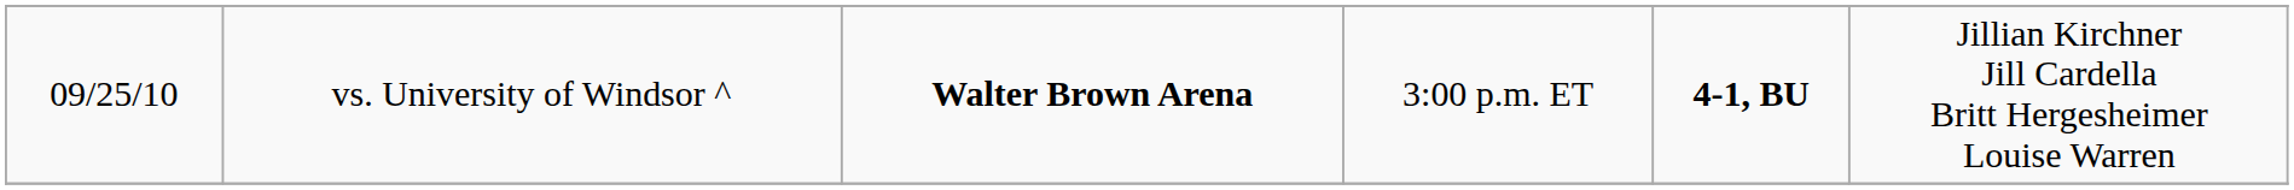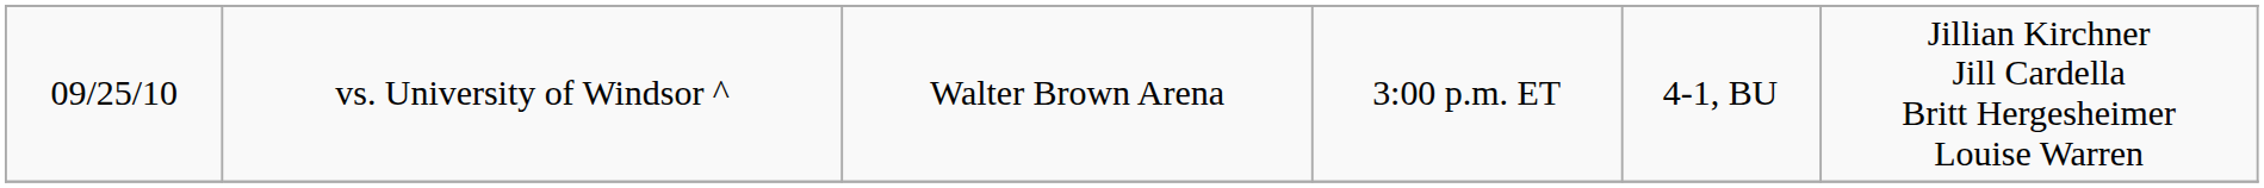 <table class="wikitable" width="80%">
 <tr align="center">
 </tr>
 <tr align="center" bgcolor="">
 <td>09/25/10</td>
 <td>vs. University of Windsor ^</td>
-<td><strong>Walter Brown Arena</strong></td>
+<td>Walter Brown Arena</td>
 <td>3:00 p.m. ET</td>
-<td><strong>4-1, BU</strong></td>
+<td>4-1, BU</td>
 <td>Jillian Kirchner<br>Jill Cardella<br>Britt Hergesheimer<br>Louise Warren</td>
 </tr>
 <tr align="center" bgcolor="">
 </tr>
 </table>
